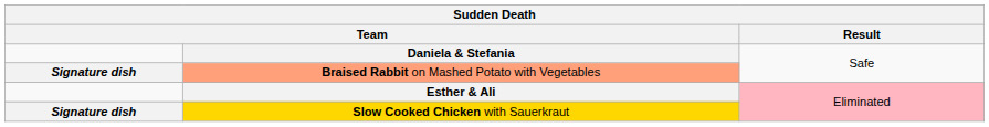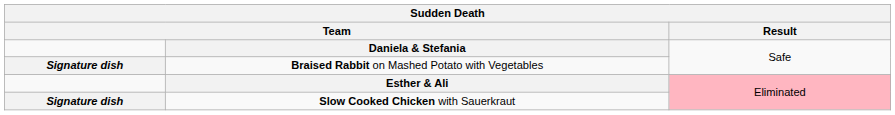 <table class="wikitable plainrowheaders" style="text-align:center; font-size:90%; width:80em; margin:1em auto;">
 <tr>
 <th colspan="3" >Sudden Death</th>
 </tr>
 <tr>
 <th style="width:60%;" colspan="2">Team</th>
 <th style="width:20%;">Result</th>
 </tr>
 <tr>
 <td></td>
 <th>Daniela & Stefania</th>
 <td rowspan=2>Safe</td>
 </tr>
 <tr>
 <th><strong><em>Signature dish</em></strong></th>
-<td style="background: lightsalmon;"><strong>Braised Rabbit </strong>on Mashed Potato with Vegetables</td>
+<td><strong>Braised Rabbit </strong>on Mashed Potato with Vegetables</td>
 </tr>
 <tr>
 <td></td>
 <th>Esther & Ali</th>
 <td rowspan=2 style="background:lightpink">Eliminated</td>
 </tr>
 <tr>
 <th><strong><em>Signature dish</em></strong></th>
-<td style="background: gold;"><strong>Slow Cooked Chicken</strong> with Sauerkraut</td>
+<td><strong>Slow Cooked Chicken</strong> with Sauerkraut</td>
 </tr>
 </table>
